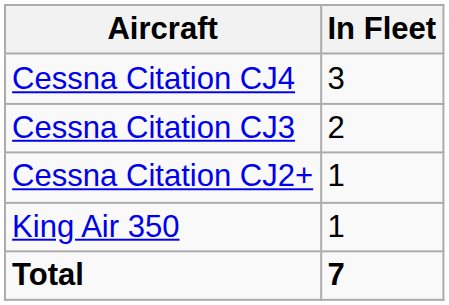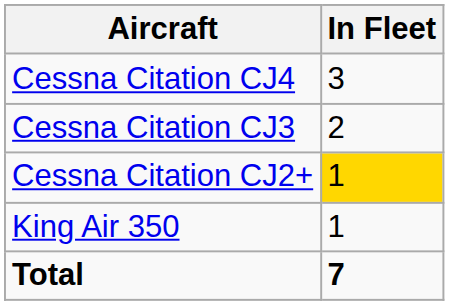 <table class="wikitable sortable">
 <tr>
 <th>Aircraft</th>
 <th>In Fleet</th>
 </tr>
 <tr>
 <td><a href='#'>Cessna Citation CJ4</a></td>
 <td>3</td>
 </tr>
 <tr>
 <td><a href='#'>Cessna Citation CJ3</a></td>
 <td>2</td>
 </tr>
 <tr>
 <td><a href='#'>Cessna Citation CJ2+</a></td>
-<td>1</td>
+<td style="background: gold;">1</td>
 </tr>
 <tr>
 <td><a href='#'>King Air 350</a></td>
 <td>1</td>
 </tr>
 <tr>
 <td align=left><strong>Total</strong></td>
 <td align=left><strong>7</strong></td>
 </tr>
 </table>
